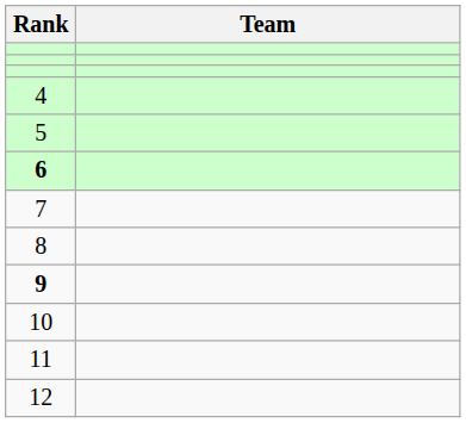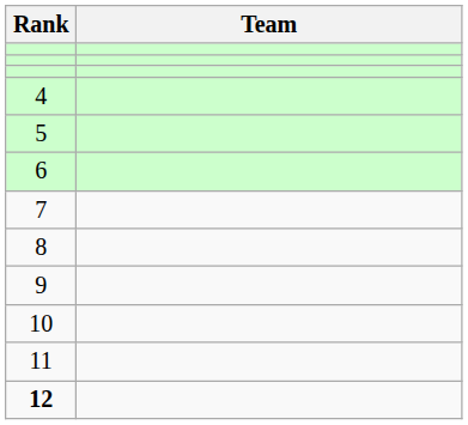 <table class="wikitable" style="text-align: center;">
 <tr>
 <th width=40>Rank</th>
 <th width=250>Team</th>
 </tr>
 <tr bgcolor=#ccffcc align=center>
 <td></td>
 <td style="text-align:left;"></td>
 </tr>
 <tr bgcolor=#ccffcc align=center>
 <td></td>
 <td style="text-align:left;"></td>
 </tr>
 <tr bgcolor=#ccffcc align=center>
 <td></td>
 <td style="text-align:left;"></td>
 </tr>
 <tr bgcolor=#ccffcc align=center>
 <td>4</td>
 <td style="text-align:left;"></td>
 </tr>
 <tr bgcolor=#ccffcc align=center>
 <td>5</td>
 <td style="text-align:left;"></td>
 </tr>
 <tr bgcolor=#ccffcc align=center>
-<td><strong>6</strong></td>
+<td>6</td>
 <td style="text-align:left;"></td>
 </tr>
 <tr align=center>
 <td>7</td>
 <td style="text-align:left;"></td>
 </tr>
 <tr align=center>
 <td>8</td>
 <td style="text-align:left;"></td>
 </tr>
 <tr align=center>
-<td><strong>9</strong></td>
+<td>9</td>
 <td style="text-align:left;"></td>
 </tr>
 <tr align=center>
 <td>10</td>
 <td style="text-align:left;"></td>
 </tr>
 <tr align=center>
 <td>11</td>
 <td style="text-align:left;"></td>
 </tr>
 <tr align=center>
-<td>12</td>
+<td><strong>12</strong></td>
 <td style="text-align:left;"></td>
 </tr>
 </table>
